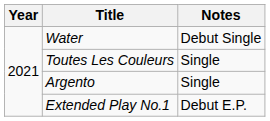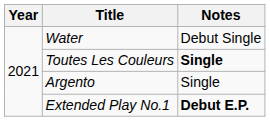 <table class="wikitable">
 <tr>
 <th>Year</th>
 <th>Title</th>
 <th>Notes</th>
 </tr>
 <tr>
 <td rowspan="4">2021</td>
 <td><em>Water</em></td>
 <td>Debut Single</td>
 </tr>
 <tr>
 <td><em>Toutes Les Couleurs</em></td>
-<td>Single</td>
+<td><strong>Single</strong></td>
 </tr>
 <tr>
 <td><em>Argento</em></td>
 <td>Single</td>
 </tr>
 <tr>
 <td><em>Extended Play No.1</em></td>
-<td>Debut E.P.</td>
+<td><strong>Debut E.P.</strong></td>
 </tr>
 </table>
